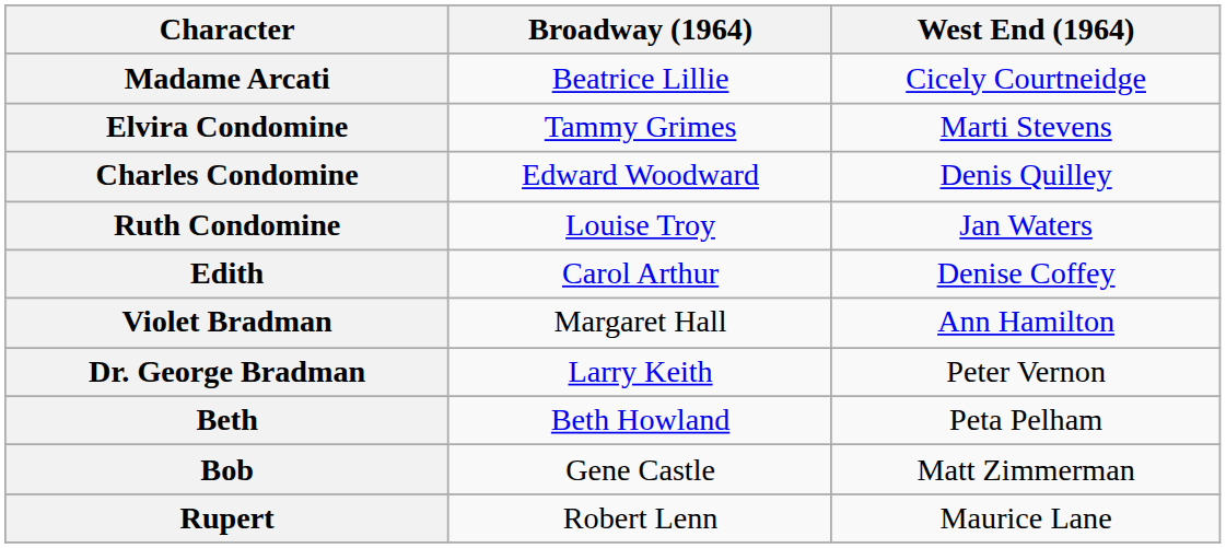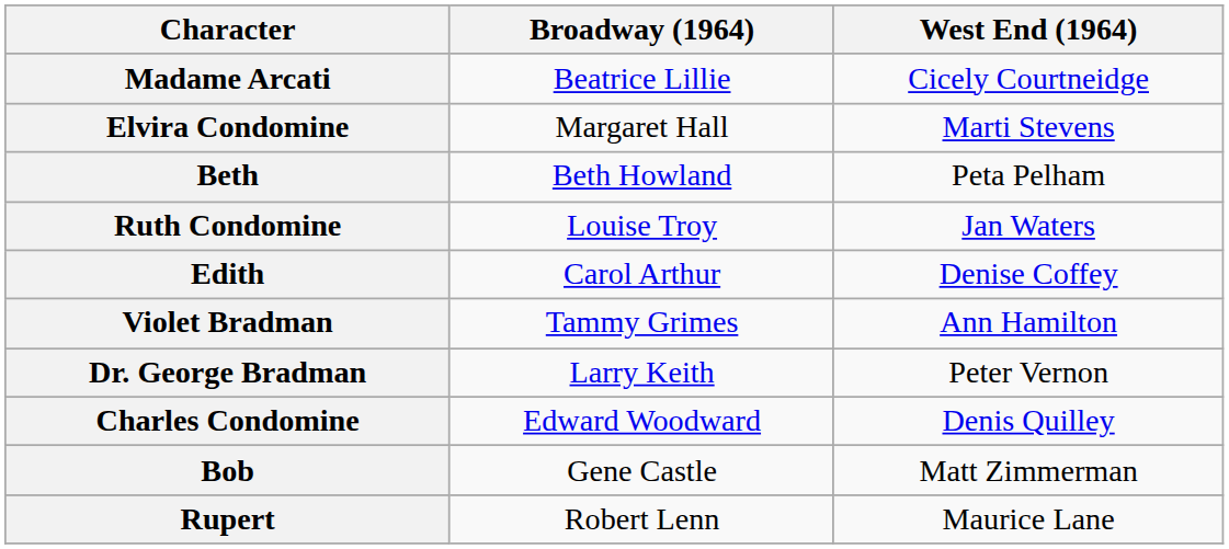 <table class="wikitable" style="width:50%; text-align:center">
 <tr>
 <th scope="col">Character</th>
 <th>Broadway (1964)</th>
 <th>West End (1964)</th>
 </tr>
 <tr>
 <th>Madame Arcati</th>
 <td colspan="1"><a href='#'>Beatrice Lillie</a></td>
 <td colspan="1"><a href='#'>Cicely Courtneidge</a></td>
 </tr>
 <tr>
 <th>Elvira Condomine</th>
-<td colspan="1”"><a href='#'>Tammy Grimes</a></td>
+<td colspan="1">Margaret Hall</td>
 <td colspan="1”"><a href='#'>Marti Stevens</a></td>
 </tr>
 <tr>
-<th>Charles Condomine</th>
-<td colspan="1”"><a href='#'>Edward Woodward</a></td>
-<td colspan="1”"><a href='#'>Denis Quilley</a></td>
+<th>Beth</th>
+<td colspan="1"><a href='#'>Beth Howland</a></td>
+<td colspan="1">Peta Pelham</td>
 </tr>
 <tr>
 <th>Ruth Condomine</th>
 <td colspan="1"><a href='#'>Louise Troy</a></td>
 <td colspan="1"><a href='#'>Jan Waters</a></td>
 </tr>
 <tr>
 <th>Edith</th>
 <td colspan="1"><a href='#'>Carol Arthur</a></td>
 <td colspan="1"><a href='#'>Denise Coffey</a></td>
 </tr>
 <tr>
 <th>Violet Bradman</th>
-<td colspan="1">Margaret Hall</td>
+<td colspan="1”"><a href='#'>Tammy Grimes</a></td>
 <td colspan="1"><a href='#'>Ann Hamilton</a></td>
 </tr>
 <tr>
 <th>Dr. George Bradman</th>
 <td colspan="1"><a href='#'>Larry Keith</a></td>
 <td colspan="1">Peter Vernon</td>
 </tr>
 <tr>
-<th>Beth</th>
-<td colspan="1"><a href='#'>Beth Howland</a></td>
-<td colspan="1">Peta Pelham</td>
+<th>Charles Condomine</th>
+<td colspan="1”"><a href='#'>Edward Woodward</a></td>
+<td colspan="1”"><a href='#'>Denis Quilley</a></td>
 </tr>
 <tr>
 <th>Bob</th>
 <td colspan="1">Gene Castle</td>
 <td colspan="1">Matt Zimmerman</td>
 </tr>
 <tr>
 <th>Rupert</th>
 <td colspan="1">Robert Lenn</td>
 <td colspan="1">Maurice Lane</td>
 </tr>
 </table>
